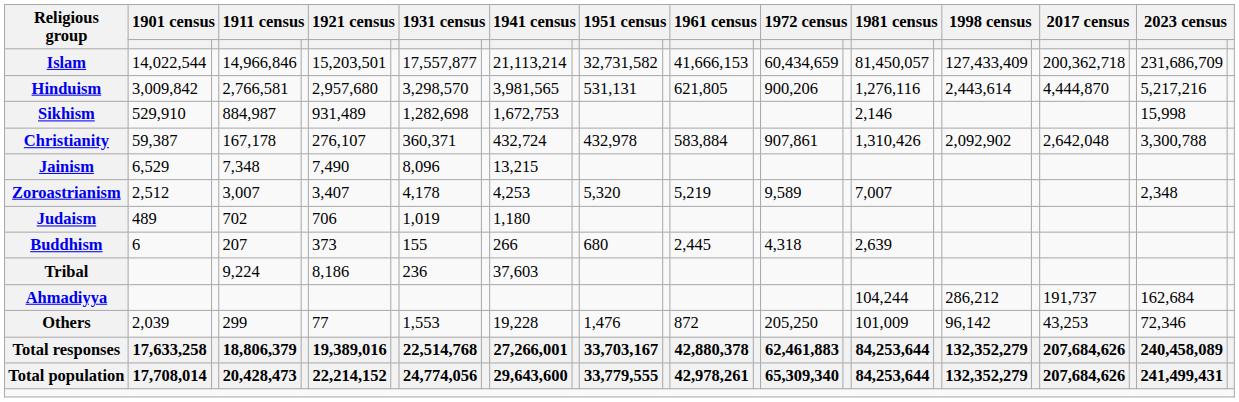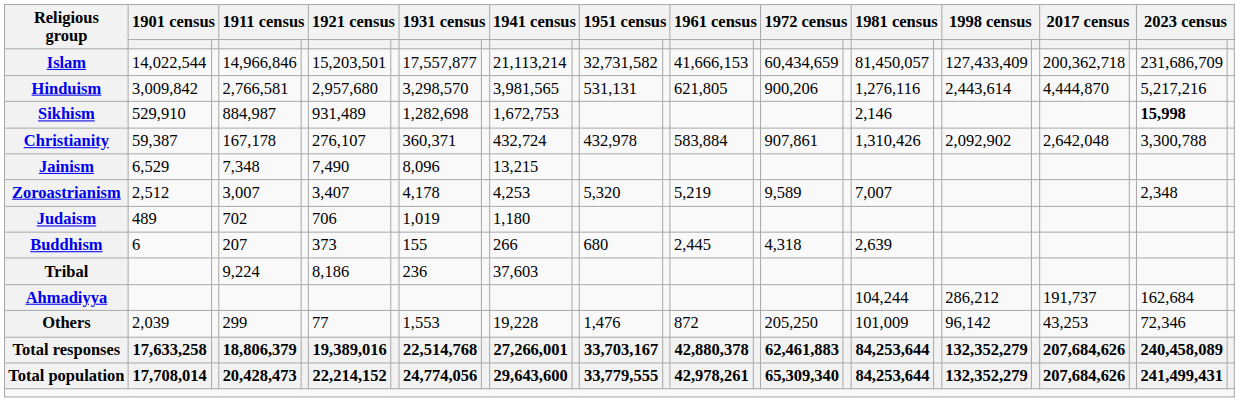 <table class="wikitable sortable">
 <tr>
 <th rowspan="2">Religious<br>group</th>
 <th colspan="2">1901 census</th>
 <th colspan="2">1911 census</th>
 <th colspan="2">1921 census</th>
 <th colspan="2">1931 census</th>
 <th colspan="2">1941 census</th>
 <th colspan="2">1951 census</th>
 <th colspan="2">1961 census </th>
 <th colspan="2">1972 census</th>
 <th colspan="2">1981 census</th>
 <th colspan="2">1998 census</th>
 <th colspan="2">2017 census</th>
 <th colspan="2">2023 census</th>
 </tr>
 <tr>
 <th><a href='#'></a></th>
 <th></th>
 <th></th>
 <th></th>
 <th></th>
 <th></th>
 <th></th>
 <th></th>
 <th></th>
 <th></th>
 <th></th>
 <th></th>
 <th></th>
 <th></th>
 <th></th>
 <th></th>
 <th></th>
 <th></th>
 <th></th>
 <th></th>
 <th></th>
 <th></th>
 <th></th>
 <th></th>
 </tr>
 <tr>
 <th><a href='#'>Islam</a> </th>
 <td>14,022,544</td>
 <td></td>
 <td>14,966,846</td>
 <td></td>
 <td>15,203,501</td>
 <td></td>
 <td>17,557,877</td>
 <td></td>
 <td>21,113,214</td>
 <td></td>
 <td>32,731,582</td>
 <td></td>
 <td>41,666,153</td>
 <td></td>
 <td>60,434,659</td>
 <td></td>
 <td>81,450,057</td>
 <td></td>
 <td>127,433,409</td>
 <td></td>
 <td>200,362,718</td>
 <td></td>
 <td>231,686,709</td>
 <td></td>
 </tr>
 <tr>
 <th><a href='#'>Hinduism</a> </th>
 <td>3,009,842</td>
 <td></td>
 <td>2,766,581</td>
 <td></td>
 <td>2,957,680</td>
 <td></td>
 <td>3,298,570</td>
 <td></td>
 <td>3,981,565</td>
 <td></td>
 <td>531,131</td>
 <td></td>
 <td>621,805</td>
 <td></td>
 <td>900,206</td>
 <td></td>
 <td>1,276,116</td>
 <td></td>
 <td>2,443,614</td>
 <td></td>
 <td>4,444,870</td>
 <td></td>
 <td>5,217,216</td>
 <td></td>
 </tr>
 <tr>
 <th><a href='#'>Sikhism</a> </th>
 <td>529,910</td>
 <td></td>
 <td>884,987</td>
 <td></td>
 <td>931,489</td>
 <td></td>
 <td>1,282,698</td>
 <td></td>
 <td>1,672,753</td>
 <td></td>
 <td></td>
 <td></td>
 <td></td>
 <td></td>
 <td></td>
 <td></td>
 <td>2,146</td>
 <td></td>
 <td></td>
 <td></td>
 <td></td>
 <td></td>
-<td>15,998</td>
+<td><strong>15,998</strong></td>
 <td></td>
 </tr>
 <tr>
 <th><a href='#'>Christianity</a> </th>
 <td>59,387</td>
 <td></td>
 <td>167,178</td>
 <td></td>
 <td>276,107</td>
 <td></td>
 <td>360,371</td>
 <td></td>
 <td>432,724</td>
 <td></td>
 <td>432,978</td>
 <td></td>
 <td>583,884</td>
 <td></td>
 <td>907,861</td>
 <td></td>
 <td>1,310,426</td>
 <td></td>
 <td>2,092,902</td>
 <td></td>
 <td>2,642,048</td>
 <td></td>
 <td>3,300,788</td>
 <td></td>
 </tr>
 <tr>
 <th><a href='#'>Jainism</a> </th>
 <td>6,529</td>
 <td></td>
 <td>7,348</td>
 <td></td>
 <td>7,490</td>
 <td></td>
 <td>8,096</td>
 <td></td>
 <td>13,215</td>
 <td></td>
 <td></td>
 <td></td>
 <td></td>
 <td></td>
 <td></td>
 <td></td>
 <td></td>
 <td></td>
 <td></td>
 <td></td>
 <td></td>
 <td></td>
 <td></td>
 <td></td>
 </tr>
 <tr>
 <th><a href='#'>Zoroastrianism</a> </th>
 <td>2,512</td>
 <td></td>
 <td>3,007</td>
 <td></td>
 <td>3,407</td>
 <td></td>
 <td>4,178</td>
 <td></td>
 <td>4,253</td>
 <td></td>
 <td>5,320</td>
 <td></td>
 <td>5,219</td>
 <td></td>
 <td>9,589</td>
 <td></td>
 <td>7,007</td>
 <td></td>
 <td></td>
 <td></td>
 <td></td>
 <td></td>
 <td>2,348</td>
 <td></td>
 </tr>
 <tr>
 <th><a href='#'>Judaism</a> </th>
 <td>489</td>
 <td></td>
 <td>702</td>
 <td></td>
 <td>706</td>
 <td></td>
 <td>1,019</td>
 <td></td>
 <td>1,180</td>
 <td></td>
 <td></td>
 <td></td>
 <td></td>
 <td></td>
 <td></td>
 <td></td>
 <td></td>
 <td></td>
 <td></td>
 <td></td>
 <td></td>
 <td></td>
 <td></td>
 <td></td>
 </tr>
 <tr>
 <th><a href='#'>Buddhism</a> </th>
 <td>6</td>
 <td></td>
 <td>207</td>
 <td></td>
 <td>373</td>
 <td></td>
 <td>155</td>
 <td></td>
 <td>266</td>
 <td></td>
 <td>680</td>
 <td></td>
 <td>2,445</td>
 <td></td>
 <td>4,318</td>
 <td></td>
 <td>2,639</td>
 <td></td>
 <td></td>
 <td></td>
 <td></td>
 <td></td>
 <td></td>
 <td></td>
 </tr>
 <tr>
 <th>Tribal</th>
 <td></td>
 <td></td>
 <td>9,224</td>
 <td></td>
 <td>8,186</td>
 <td></td>
 <td>236</td>
 <td></td>
 <td>37,603</td>
 <td></td>
 <td></td>
 <td></td>
 <td></td>
 <td></td>
 <td></td>
 <td></td>
 <td></td>
 <td></td>
 <td></td>
 <td></td>
 <td></td>
 <td></td>
 <td></td>
 <td></td>
 </tr>
 <tr>
 <th><a href='#'>Ahmadiyya</a> </th>
 <td></td>
 <td></td>
 <td></td>
 <td></td>
 <td></td>
 <td></td>
 <td></td>
 <td></td>
 <td></td>
 <td></td>
 <td></td>
 <td></td>
 <td></td>
 <td></td>
 <td></td>
 <td></td>
 <td>104,244</td>
 <td></td>
 <td>286,212</td>
 <td></td>
 <td>191,737</td>
 <td></td>
 <td>162,684</td>
 <td></td>
 </tr>
 <tr>
 <th>Others</th>
 <td>2,039</td>
 <td></td>
 <td>299</td>
 <td></td>
 <td>77</td>
 <td></td>
 <td>1,553</td>
 <td></td>
 <td>19,228</td>
 <td></td>
 <td>1,476</td>
 <td></td>
 <td>872</td>
 <td></td>
 <td>205,250</td>
 <td></td>
 <td>101,009</td>
 <td></td>
 <td>96,142</td>
 <td></td>
 <td>43,253</td>
 <td></td>
 <td>72,346</td>
 <td></td>
 </tr>
 <tr>
 <th>Total responses</th>
 <th>17,633,258</th>
 <th></th>
 <th>18,806,379</th>
 <th></th>
 <th>19,389,016</th>
 <th></th>
 <th>22,514,768</th>
 <th></th>
 <th>27,266,001</th>
 <th></th>
 <th>33,703,167</th>
 <th></th>
 <th>42,880,378</th>
 <th></th>
 <th>62,461,883</th>
 <th></th>
 <th>84,253,644</th>
 <th></th>
 <th>132,352,279</th>
 <th></th>
 <th>207,684,626</th>
 <th></th>
 <th>240,458,089</th>
 <th></th>
 </tr>
 <tr class="sortbottom">
 <th>Total population</th>
 <th>17,708,014</th>
 <th></th>
 <th>20,428,473</th>
 <th></th>
 <th>22,214,152</th>
 <th></th>
 <th>24,774,056</th>
 <th></th>
 <th>29,643,600</th>
 <th></th>
 <th>33,779,555</th>
 <th></th>
 <th>42,978,261</th>
 <th></th>
 <th>65,309,340</th>
 <th></th>
 <th>84,253,644</th>
 <th></th>
 <th>132,352,279</th>
 <th></th>
 <th>207,684,626</th>
 <th></th>
 <th>241,499,431</th>
 <th></th>
 </tr>
 <tr class="sortbottom">
 <td colspan="25"></td>
 </tr>
 </table>
